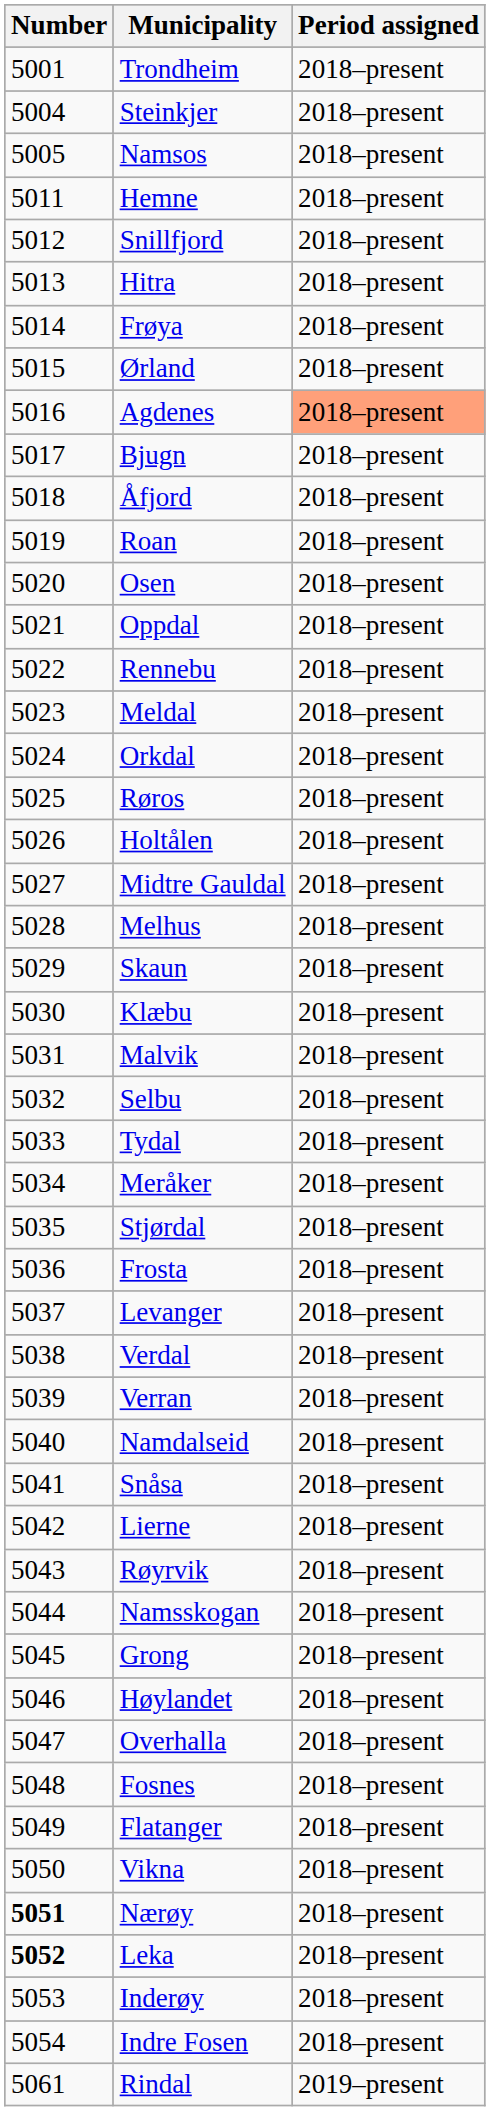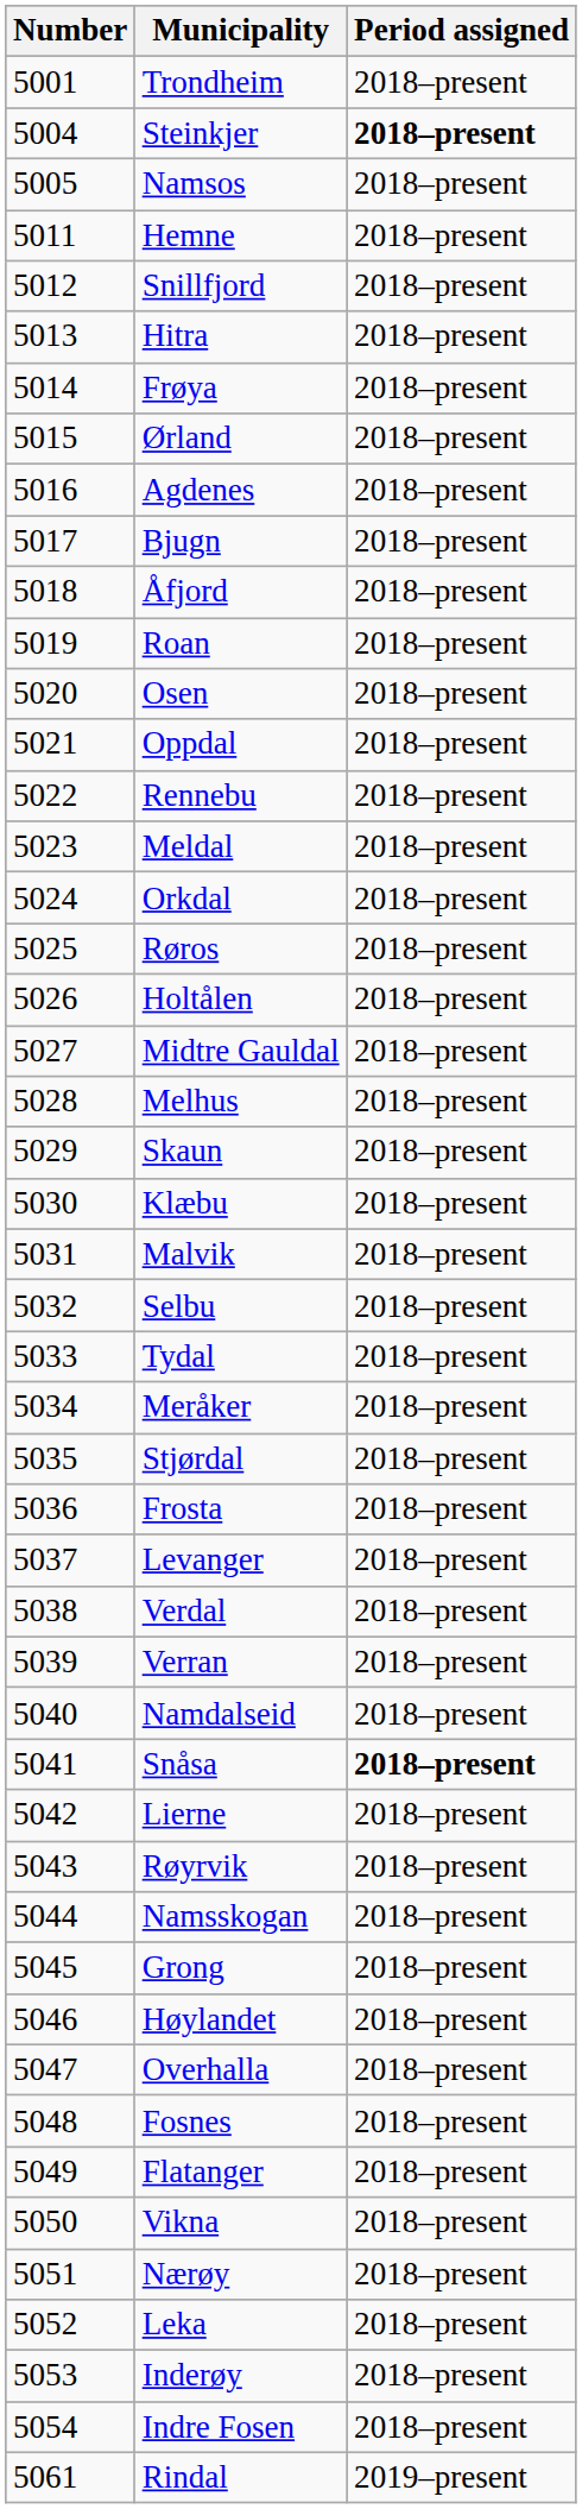 <table class="wikitable">
 <tr>
 <th>Number</th>
 <th>Municipality</th>
 <th>Period assigned</th>
 </tr>
 <tr>
 <td>5001</td>
 <td><a href='#'>Trondheim</a></td>
 <td>2018–present</td>
 </tr>
 <tr>
 <td>5004</td>
 <td><a href='#'>Steinkjer</a></td>
-<td>2018–present</td>
+<td><strong>2018–present</strong></td>
 </tr>
 <tr>
 <td>5005</td>
 <td><a href='#'>Namsos</a></td>
 <td>2018–present</td>
 </tr>
 <tr>
 <td>5011</td>
 <td><a href='#'>Hemne</a></td>
 <td>2018–present</td>
 </tr>
 <tr>
 <td>5012</td>
 <td><a href='#'>Snillfjord</a></td>
 <td>2018–present</td>
 </tr>
 <tr>
 <td>5013</td>
 <td><a href='#'>Hitra</a></td>
 <td>2018–present</td>
 </tr>
 <tr>
 <td>5014</td>
 <td><a href='#'>Frøya</a></td>
 <td>2018–present</td>
 </tr>
 <tr>
 <td>5015</td>
 <td><a href='#'>Ørland</a></td>
 <td>2018–present</td>
 </tr>
 <tr>
 <td>5016</td>
 <td><a href='#'>Agdenes</a></td>
-<td style="background: lightsalmon;">2018–present</td>
+<td>2018–present</td>
 </tr>
 <tr>
 <td>5017</td>
 <td><a href='#'>Bjugn</a></td>
 <td>2018–present</td>
 </tr>
 <tr>
 <td>5018</td>
 <td><a href='#'>Åfjord</a></td>
 <td>2018–present</td>
 </tr>
 <tr>
 <td>5019</td>
 <td><a href='#'>Roan</a></td>
 <td>2018–present</td>
 </tr>
 <tr>
 <td>5020</td>
 <td><a href='#'>Osen</a></td>
 <td>2018–present</td>
 </tr>
 <tr>
 <td>5021</td>
 <td><a href='#'>Oppdal</a></td>
 <td>2018–present</td>
 </tr>
 <tr>
 <td>5022</td>
 <td><a href='#'>Rennebu</a></td>
 <td>2018–present</td>
 </tr>
 <tr>
 <td>5023</td>
 <td><a href='#'>Meldal</a></td>
 <td>2018–present</td>
 </tr>
 <tr>
 <td>5024</td>
 <td><a href='#'>Orkdal</a></td>
 <td>2018–present</td>
 </tr>
 <tr>
 <td>5025</td>
 <td><a href='#'>Røros</a></td>
 <td>2018–present</td>
 </tr>
 <tr>
 <td>5026</td>
 <td><a href='#'>Holtålen</a></td>
 <td>2018–present</td>
 </tr>
 <tr>
 <td>5027</td>
 <td><a href='#'>Midtre Gauldal</a></td>
 <td>2018–present</td>
 </tr>
 <tr>
 <td>5028</td>
 <td><a href='#'>Melhus</a></td>
 <td>2018–present</td>
 </tr>
 <tr>
 <td>5029</td>
 <td><a href='#'>Skaun</a></td>
 <td>2018–present</td>
 </tr>
 <tr>
 <td>5030</td>
 <td><a href='#'>Klæbu</a></td>
 <td>2018–present</td>
 </tr>
 <tr>
 <td>5031</td>
 <td><a href='#'>Malvik</a></td>
 <td>2018–present</td>
 </tr>
 <tr>
 <td>5032</td>
 <td><a href='#'>Selbu</a></td>
 <td>2018–present</td>
 </tr>
 <tr>
 <td>5033</td>
 <td><a href='#'>Tydal</a></td>
 <td>2018–present</td>
 </tr>
 <tr>
 <td>5034</td>
 <td><a href='#'>Meråker</a></td>
 <td>2018–present</td>
 </tr>
 <tr>
 <td>5035</td>
 <td><a href='#'>Stjørdal</a></td>
 <td>2018–present</td>
 </tr>
 <tr>
 <td>5036</td>
 <td><a href='#'>Frosta</a></td>
 <td>2018–present</td>
 </tr>
 <tr>
 <td>5037</td>
 <td><a href='#'>Levanger</a></td>
 <td>2018–present</td>
 </tr>
 <tr>
 <td>5038</td>
 <td><a href='#'>Verdal</a></td>
 <td>2018–present</td>
 </tr>
 <tr>
 <td>5039</td>
 <td><a href='#'>Verran</a></td>
 <td>2018–present</td>
 </tr>
 <tr>
 <td>5040</td>
 <td><a href='#'>Namdalseid</a></td>
 <td>2018–present</td>
 </tr>
 <tr>
 <td>5041</td>
 <td><a href='#'>Snåsa</a></td>
-<td>2018–present</td>
+<td><strong>2018–present</strong></td>
 </tr>
 <tr>
 <td>5042</td>
 <td><a href='#'>Lierne</a></td>
 <td>2018–present</td>
 </tr>
 <tr>
 <td>5043</td>
 <td><a href='#'>Røyrvik</a></td>
 <td>2018–present</td>
 </tr>
 <tr>
 <td>5044</td>
 <td><a href='#'>Namsskogan</a></td>
 <td>2018–present</td>
 </tr>
 <tr>
 <td>5045</td>
 <td><a href='#'>Grong</a></td>
 <td>2018–present</td>
 </tr>
 <tr>
 <td>5046</td>
 <td><a href='#'>Høylandet</a></td>
 <td>2018–present</td>
 </tr>
 <tr>
 <td>5047</td>
 <td><a href='#'>Overhalla</a></td>
 <td>2018–present</td>
 </tr>
 <tr>
 <td>5048</td>
 <td><a href='#'>Fosnes</a></td>
 <td>2018–present</td>
 </tr>
 <tr>
 <td>5049</td>
 <td><a href='#'>Flatanger</a></td>
 <td>2018–present</td>
 </tr>
 <tr>
 <td>5050</td>
 <td><a href='#'>Vikna</a></td>
 <td>2018–present</td>
 </tr>
 <tr>
-<td><strong>5051</strong></td>
+<td>5051</td>
 <td><a href='#'>Nærøy</a></td>
 <td>2018–present</td>
 </tr>
 <tr>
-<td><strong>5052</strong></td>
+<td>5052</td>
 <td><a href='#'>Leka</a></td>
 <td>2018–present</td>
 </tr>
 <tr>
 <td>5053</td>
 <td><a href='#'>Inderøy</a></td>
 <td>2018–present</td>
 </tr>
 <tr>
 <td>5054</td>
 <td><a href='#'>Indre Fosen</a></td>
 <td>2018–present</td>
 </tr>
 <tr>
 <td>5061</td>
 <td><a href='#'>Rindal</a></td>
 <td>2019–present</td>
 </tr>
 </table>
